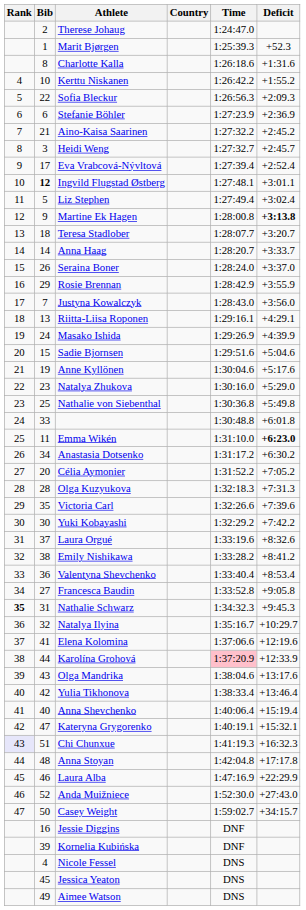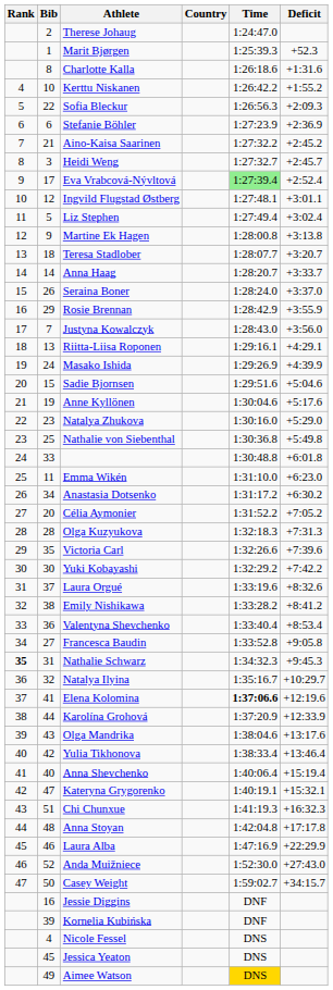 <table class="wikitable sortable" style="text-align:center">
 <tr>
 <th>Rank</th>
 <th>Bib</th>
 <th>Athlete</th>
 <th>Country</th>
 <th>Time</th>
 <th>Deficit</th>
 </tr>
 <tr>
 <td></td>
 <td>2</td>
 <td align=left><a href='#'>Therese Johaug</a></td>
 <td align=left></td>
 <td>1:24:47.0</td>
 <td></td>
 </tr>
 <tr>
 <td></td>
 <td>1</td>
 <td align=left><a href='#'>Marit Bjørgen</a></td>
 <td align=left></td>
 <td>1:25:39.3</td>
 <td>+52.3</td>
 </tr>
 <tr>
 <td></td>
 <td>8</td>
 <td align=left><a href='#'>Charlotte Kalla</a></td>
 <td align=left></td>
 <td>1:26:18.6</td>
 <td>+1:31.6</td>
 </tr>
 <tr>
 <td>4</td>
 <td>10</td>
 <td align=left><a href='#'>Kerttu Niskanen</a></td>
 <td align=left></td>
 <td>1:26:42.2</td>
 <td>+1:55.2</td>
 </tr>
 <tr>
 <td>5</td>
 <td>22</td>
 <td align=left><a href='#'>Sofia Bleckur</a></td>
 <td align=left></td>
 <td>1:26:56.3</td>
 <td>+2:09.3</td>
 </tr>
 <tr>
 <td>6</td>
 <td>6</td>
 <td align=left><a href='#'>Stefanie Böhler</a></td>
 <td align=left></td>
 <td>1:27:23.9</td>
 <td>+2:36.9</td>
 </tr>
 <tr>
 <td>7</td>
 <td>21</td>
 <td align=left><a href='#'>Aino-Kaisa Saarinen</a></td>
 <td align=left></td>
 <td>1:27:32.2</td>
 <td>+2:45.2</td>
 </tr>
 <tr>
 <td>8</td>
 <td>3</td>
 <td align=left><a href='#'>Heidi Weng</a></td>
 <td align=left></td>
 <td>1:27:32.7</td>
 <td>+2:45.7</td>
 </tr>
 <tr>
 <td>9</td>
 <td>17</td>
 <td align=left><a href='#'>Eva Vrabcová-Nývltová</a></td>
 <td align=left></td>
-<td>1:27:39.4</td>
+<td style="background: lightgreen;">1:27:39.4</td>
 <td>+2:52.4</td>
 </tr>
 <tr>
 <td>10</td>
-<td><strong>12</strong></td>
+<td>12</td>
 <td align=left><a href='#'>Ingvild Flugstad Østberg</a></td>
 <td align=left></td>
 <td>1:27:48.1</td>
 <td>+3:01.1</td>
 </tr>
 <tr>
 <td>11</td>
 <td>5</td>
 <td align=left><a href='#'>Liz Stephen</a></td>
 <td align=left></td>
 <td>1:27:49.4</td>
 <td>+3:02.4</td>
 </tr>
 <tr>
 <td>12</td>
 <td>9</td>
 <td align=left><a href='#'>Martine Ek Hagen</a></td>
 <td align=left></td>
 <td>1:28:00.8</td>
-<td><strong>+3:13.8</strong></td>
+<td>+3:13.8</td>
 </tr>
 <tr>
 <td>13</td>
 <td>18</td>
 <td align=left><a href='#'>Teresa Stadlober</a></td>
 <td align=left></td>
 <td>1:28:07.7</td>
 <td>+3:20.7</td>
 </tr>
 <tr>
 <td>14</td>
 <td>14</td>
 <td align=left><a href='#'>Anna Haag</a></td>
 <td align=left></td>
 <td>1:28:20.7</td>
 <td>+3:33.7</td>
 </tr>
 <tr>
 <td>15</td>
 <td>26</td>
 <td align=left><a href='#'>Seraina Boner</a></td>
 <td align=left></td>
 <td>1:28:24.0</td>
 <td>+3:37.0</td>
 </tr>
 <tr>
 <td>16</td>
 <td>29</td>
 <td align=left><a href='#'>Rosie Brennan</a></td>
 <td align=left></td>
 <td>1:28:42.9</td>
 <td>+3:55.9</td>
 </tr>
 <tr>
 <td>17</td>
 <td>7</td>
 <td align=left><a href='#'>Justyna Kowalczyk</a></td>
 <td align=left></td>
 <td>1:28:43.0</td>
 <td>+3:56.0</td>
 </tr>
 <tr>
 <td>18</td>
 <td>13</td>
 <td align=left><a href='#'>Riitta-Liisa Roponen</a></td>
 <td align=left></td>
 <td>1:29:16.1</td>
 <td>+4:29.1</td>
 </tr>
 <tr>
 <td>19</td>
 <td>24</td>
 <td align=left><a href='#'>Masako Ishida</a></td>
 <td align=left></td>
 <td>1:29:26.9</td>
 <td>+4:39.9</td>
 </tr>
 <tr>
 <td>20</td>
 <td>15</td>
 <td align=left><a href='#'>Sadie Bjornsen</a></td>
 <td align=left></td>
 <td>1:29:51.6</td>
 <td>+5:04.6</td>
 </tr>
 <tr>
 <td>21</td>
 <td>19</td>
 <td align=left><a href='#'>Anne Kyllönen</a></td>
 <td align=left></td>
 <td>1:30:04.6</td>
 <td>+5:17.6</td>
 </tr>
 <tr>
 <td>22</td>
 <td>23</td>
 <td align=left><a href='#'>Natalya Zhukova</a></td>
 <td align=left></td>
 <td>1:30:16.0</td>
 <td>+5:29.0</td>
 </tr>
 <tr>
 <td>23</td>
 <td>25</td>
 <td align=left><a href='#'>Nathalie von Siebenthal</a></td>
 <td align=left></td>
 <td>1:30:36.8</td>
 <td>+5:49.8</td>
 </tr>
 <tr>
 <td>24</td>
 <td>33</td>
 <td align=left></td>
 <td align=left></td>
 <td>1:30:48.8</td>
 <td>+6:01.8</td>
 </tr>
 <tr>
 <td>25</td>
 <td>11</td>
 <td align=left><a href='#'>Emma Wikén</a></td>
 <td align=left></td>
 <td>1:31:10.0</td>
-<td><strong>+6:23.0</strong></td>
+<td>+6:23.0</td>
 </tr>
 <tr>
 <td>26</td>
 <td>34</td>
 <td align=left><a href='#'>Anastasia Dotsenko</a></td>
 <td align=left></td>
 <td>1:31:17.2</td>
 <td>+6:30.2</td>
 </tr>
 <tr>
 <td>27</td>
 <td>20</td>
 <td align=left><a href='#'>Célia Aymonier</a></td>
 <td align=left></td>
 <td>1:31:52.2</td>
 <td>+7:05.2</td>
 </tr>
 <tr>
 <td>28</td>
 <td>28</td>
 <td align=left><a href='#'>Olga Kuzyukova</a></td>
 <td align=left></td>
 <td>1:32:18.3</td>
 <td>+7:31.3</td>
 </tr>
 <tr>
 <td>29</td>
 <td>35</td>
 <td align=left><a href='#'>Victoria Carl</a></td>
 <td align=left></td>
 <td>1:32:26.6</td>
 <td>+7:39.6</td>
 </tr>
 <tr>
 <td>30</td>
 <td>30</td>
 <td align=left><a href='#'>Yuki Kobayashi</a></td>
 <td align=left></td>
 <td>1:32:29.2</td>
 <td>+7:42.2</td>
 </tr>
 <tr>
 <td>31</td>
 <td>37</td>
 <td align=left><a href='#'>Laura Orgué</a></td>
 <td align=left></td>
 <td>1:33:19.6</td>
 <td>+8:32.6</td>
 </tr>
 <tr>
 <td>32</td>
 <td>38</td>
 <td align=left><a href='#'>Emily Nishikawa</a></td>
 <td align=left></td>
 <td>1:33:28.2</td>
 <td>+8:41.2</td>
 </tr>
 <tr>
 <td>33</td>
 <td>36</td>
 <td align=left><a href='#'>Valentyna Shevchenko</a></td>
 <td align=left></td>
 <td>1:33:40.4</td>
 <td>+8:53.4</td>
 </tr>
 <tr>
 <td>34</td>
 <td>27</td>
 <td align=left><a href='#'>Francesca Baudin</a></td>
 <td align=left></td>
 <td>1:33:52.8</td>
 <td>+9:05.8</td>
 </tr>
 <tr>
 <td><strong>35</strong></td>
 <td>31</td>
 <td align=left><a href='#'>Nathalie Schwarz</a></td>
 <td align=left></td>
 <td>1:34:32.3</td>
 <td>+9:45.3</td>
 </tr>
 <tr>
 <td>36</td>
 <td>32</td>
 <td align=left><a href='#'>Natalya Ilyina</a></td>
 <td align=left></td>
 <td>1:35:16.7</td>
 <td>+10:29.7</td>
 </tr>
 <tr>
 <td>37</td>
 <td>41</td>
 <td align=left><a href='#'>Elena Kolomina</a></td>
 <td align=left></td>
-<td>1:37:06.6</td>
+<td><strong>1:37:06.6</strong></td>
 <td>+12:19.6</td>
 </tr>
 <tr>
 <td>38</td>
 <td>44</td>
 <td align=left><a href='#'>Karolína Grohová</a></td>
 <td align=left></td>
-<td style="background: pink;">1:37:20.9</td>
+<td>1:37:20.9</td>
 <td>+12:33.9</td>
 </tr>
 <tr>
 <td>39</td>
 <td>43</td>
 <td align=left><a href='#'>Olga Mandrika</a></td>
 <td align=left></td>
 <td>1:38:04.6</td>
 <td>+13:17.6</td>
 </tr>
 <tr>
 <td>40</td>
 <td>42</td>
 <td align=left><a href='#'>Yulia Tikhonova</a></td>
 <td align=left></td>
 <td>1:38:33.4</td>
 <td>+13:46.4</td>
 </tr>
 <tr>
 <td>41</td>
 <td>40</td>
 <td align=left><a href='#'>Anna Shevchenko</a></td>
 <td align=left></td>
 <td>1:40:06.4</td>
 <td>+15:19.4</td>
 </tr>
 <tr>
 <td>42</td>
 <td>47</td>
 <td align=left><a href='#'>Kateryna Grygorenko</a></td>
 <td align=left></td>
 <td>1:40:19.1</td>
 <td>+15:32.1</td>
 </tr>
 <tr>
-<td style="background: lavender;">43</td>
+<td>43</td>
 <td>51</td>
 <td align=left><a href='#'>Chi Chunxue</a></td>
 <td align=left></td>
 <td>1:41:19.3</td>
 <td>+16:32.3</td>
 </tr>
 <tr>
 <td>44</td>
 <td>48</td>
 <td align=left><a href='#'>Anna Stoyan</a></td>
 <td align=left></td>
 <td>1:42:04.8</td>
 <td>+17:17.8</td>
 </tr>
 <tr>
 <td>45</td>
 <td>46</td>
 <td align=left><a href='#'>Laura Alba</a></td>
 <td align=left></td>
 <td>1:47:16.9</td>
 <td>+22:29.9</td>
 </tr>
 <tr>
 <td>46</td>
 <td>52</td>
 <td align=left><a href='#'>Anda Muižniece</a></td>
 <td align=left></td>
 <td>1:52:30.0</td>
 <td>+27:43.0</td>
 </tr>
 <tr>
 <td>47</td>
 <td>50</td>
 <td align=left><a href='#'>Casey Weight</a></td>
 <td align=left></td>
 <td>1:59:02.7</td>
 <td>+34:15.7</td>
 </tr>
 <tr>
 <td></td>
 <td>16</td>
 <td align=left><a href='#'>Jessie Diggins</a></td>
 <td align=left></td>
 <td>DNF</td>
 <td></td>
 </tr>
 <tr>
 <td></td>
 <td>39</td>
 <td align=left><a href='#'>Kornelia Kubińska</a></td>
 <td align=left></td>
 <td>DNF</td>
 <td></td>
 </tr>
 <tr>
 <td></td>
 <td>4</td>
 <td align=left><a href='#'>Nicole Fessel</a></td>
 <td align=left></td>
 <td>DNS</td>
 <td></td>
 </tr>
 <tr>
 <td></td>
 <td>45</td>
 <td align=left><a href='#'>Jessica Yeaton</a></td>
 <td align=left></td>
 <td>DNS</td>
 <td></td>
 </tr>
 <tr>
 <td></td>
 <td>49</td>
 <td align=left><a href='#'>Aimee Watson</a></td>
 <td align=left></td>
-<td>DNS</td>
+<td style="background: gold;">DNS</td>
 <td></td>
 </tr>
 </table>
